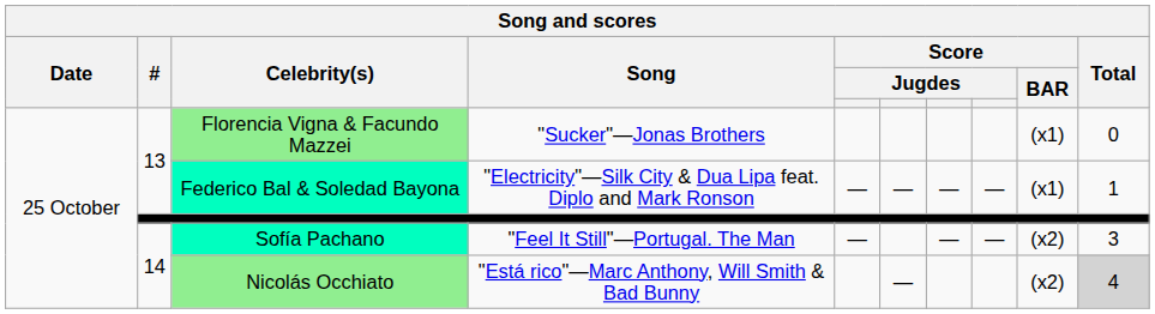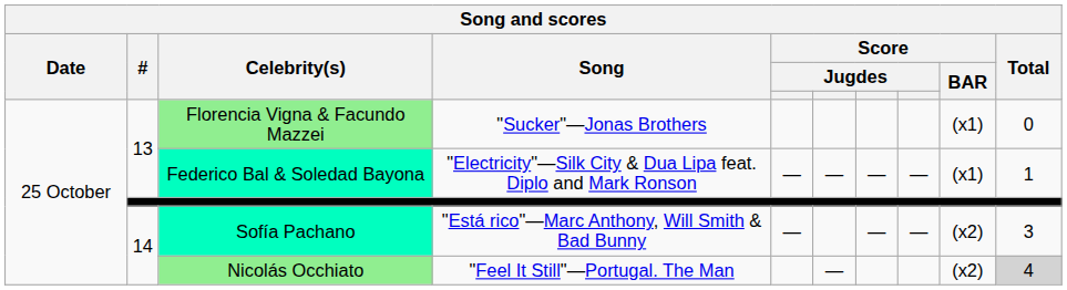 <table class="wikitable collapsible collapsed" style="font-size:95%; text-align: center; width: 100%;">
 <tr>
 <th colspan="11" style="with: 100%;" align=center>Song and scores</th>
 </tr>
 <tr>
 <th rowspan="3" width="100">Date</th>
 <th rowspan="3" width="20">#</th>
 <th rowspan="3" width="240">Celebrity(s)</th>
 <th rowspan="3" width="300">Song</th>
 <th colspan="5">Score</th>
 <th rowspan="3" width="50">Total</th>
 </tr>
 <tr>
 <th colspan="4">Jugdes</th>
 <th rowspan="2" width=40>BAR<br></th>
 </tr>
 <tr>
 <th width=30></th>
 <th width=30></th>
 <th width=30></th>
 <th width=30></th>
 </tr>
 <tr>
 <td rowspan="8">25 October</td>
 <td rowspan="2">13</td>
 <td bgcolor="lightgreen">Florencia Vigna & Facundo Mazzei</td>
 <td>"<a href='#'>Sucker</a>"—<a href='#'>Jonas Brothers</a></td>
 <td></td>
 <td></td>
 <td></td>
 <td></td>
 <td> (x1)</td>
 <td>0</td>
 </tr>
 <tr>
 <td bgcolor="#00FFBF">Federico Bal & Soledad Bayona</td>
 <td>"<a href='#'>Electricity</a>"—<a href='#'>Silk City</a> & <a href='#'>Dua Lipa</a> feat. <a href='#'>Diplo</a> and <a href='#'>Mark Ronson</a></td>
 <td>—</td>
 <td>—</td>
 <td>—</td>
 <td>—</td>
 <td> (x1)</td>
 <td>1</td>
 </tr>
 <tr>
 <td style="background:black" colspan=19></td>
 </tr>
 <tr>
 <td rowspan="2">14</td>
 <td bgcolor="#00FFBF">Sofía Pachano</td>
-<td>"<a href='#'>Feel It Still</a>"—<a href='#'>Portugal. The Man</a></td>
+<td>"<a href='#'>Está rico</a>"—<a href='#'>Marc Anthony</a>, <a href='#'>Will Smith</a> & <a href='#'>Bad Bunny</a></td>
 <td>—</td>
 <td></td>
 <td>—</td>
 <td>—</td>
 <td> (x2)</td>
 <td>3</td>
 </tr>
 <tr>
 <td bgcolor="lightgreen">Nicolás Occhiato</td>
-<td>"<a href='#'>Está rico</a>"—<a href='#'>Marc Anthony</a>, <a href='#'>Will Smith</a> & <a href='#'>Bad Bunny</a></td>
+<td>"<a href='#'>Feel It Still</a>"—<a href='#'>Portugal. The Man</a></td>
 <td></td>
 <td>—</td>
 <td></td>
 <td></td>
 <td> (x2)</td>
 <td style="background: lightgrey;">4</td>
 </tr>
 </table>
